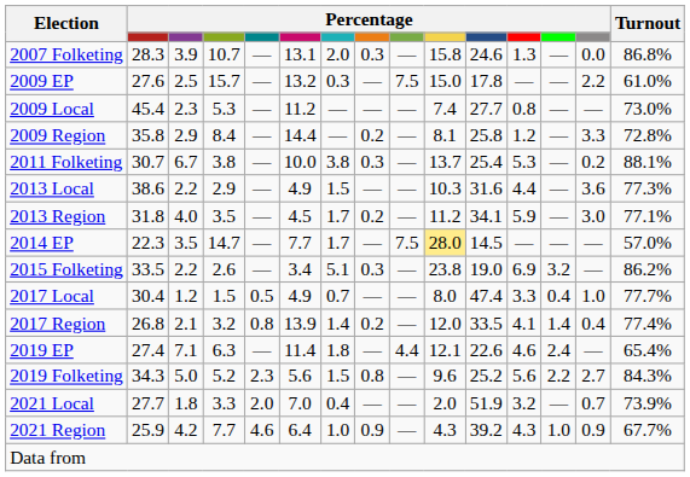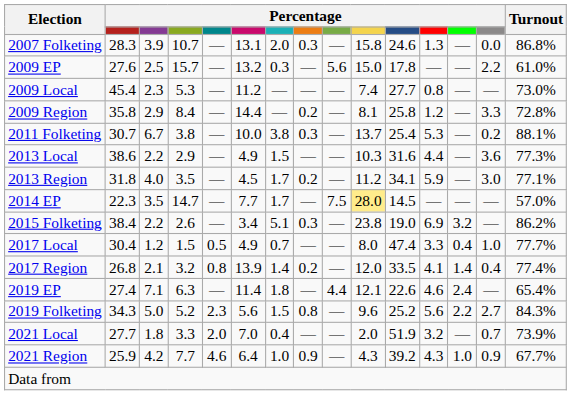 <table class="wikitable" style="text-align:center; font-size:90%; line-height:14px">
 <tr>
 <th rowspan=2>Election</th>
 <th colspan=13>Percentage</th>
 <th rowspan=2>Turnout</th>
 </tr>
 <tr>
 <td style="background:#B5211D; width:20px;"><strong><a href='#'></a></strong></td>
 <td style="background:#843A93; width:20px;"><strong><a href='#'></a></strong></td>
 <td style="background:#89A920; width:20px;"><strong><a href='#'></a></strong></td>
 <td style="background:#00868B; width:20px;"><strong><a href='#'></a></strong></td>
 <td style="background:#C9096C; width:20px;"><strong><a href='#'></a></strong></td>
 <td style="background:#1CB1B7; width:20px;"><strong><a href='#'></a></strong></td>
 <td style="background:#EC7D14; width:20px;"><strong><a href='#'></a></strong></td>
 <td style="background:#78AB46; width:20px;"><strong><a href='#'></a></strong></td>
 <td style="background:#F4D44D; width:20px;"><strong><a href='#'></a></strong></td>
 <td style="background:#254C85; width:20px;"><strong><a href='#'></a></strong></td>
 <td style="background:#FF0000; width:20px;"><strong><a href='#'></a></strong></td>
 <td style="background:#00FF00; width:20px;"><strong><a href='#'></a></strong></td>
 <td style="background:#8B8989; width:20px;"><strong></strong></td>
 </tr>
 <tr>
 <td style="text-align:left"><a href='#'>2007 Folketing</a></td>
 <td>28.3</td>
 <td>3.9</td>
 <td>10.7</td>
 <td>—</td>
 <td>13.1</td>
 <td>2.0</td>
 <td>0.3</td>
 <td>—</td>
 <td>15.8</td>
 <td>24.6</td>
 <td>1.3</td>
 <td>—</td>
 <td>0.0</td>
 <td>86.8%</td>
 </tr>
 <tr>
 <td style="text-align:left"><a href='#'>2009 EP</a></td>
 <td>27.6</td>
 <td>2.5</td>
 <td>15.7</td>
 <td>—</td>
 <td>13.2</td>
 <td>0.3</td>
 <td>—</td>
-<td>7.5</td>
+<td>5.6</td>
 <td>15.0</td>
 <td>17.8</td>
 <td>—</td>
 <td>—</td>
 <td>2.2</td>
 <td>61.0%</td>
 </tr>
 <tr>
 <td style="text-align:left"><a href='#'>2009 Local</a></td>
 <td>45.4</td>
 <td>2.3</td>
 <td>5.3</td>
 <td>—</td>
 <td>11.2</td>
 <td>—</td>
 <td>—</td>
 <td>—</td>
 <td>7.4</td>
 <td>27.7</td>
 <td>0.8</td>
 <td>—</td>
 <td>—</td>
 <td>73.0%</td>
 </tr>
 <tr>
 <td style="text-align:left"><a href='#'>2009 Region</a></td>
 <td>35.8</td>
 <td>2.9</td>
 <td>8.4</td>
 <td>—</td>
 <td>14.4</td>
 <td>—</td>
 <td>0.2</td>
 <td>—</td>
 <td>8.1</td>
 <td>25.8</td>
 <td>1.2</td>
 <td>—</td>
 <td>3.3</td>
 <td>72.8%</td>
 </tr>
 <tr>
 <td style="text-align:left"><a href='#'>2011 Folketing</a></td>
 <td>30.7</td>
 <td>6.7</td>
 <td>3.8</td>
 <td>—</td>
 <td>10.0</td>
 <td>3.8</td>
 <td>0.3</td>
 <td>—</td>
 <td>13.7</td>
 <td>25.4</td>
 <td>5.3</td>
 <td>—</td>
 <td>0.2</td>
 <td>88.1%</td>
 </tr>
 <tr>
 <td style="text-align:left"><a href='#'>2013 Local</a></td>
 <td>38.6</td>
 <td>2.2</td>
 <td>2.9</td>
 <td>—</td>
 <td>4.9</td>
 <td>1.5</td>
 <td>—</td>
 <td>—</td>
 <td>10.3</td>
 <td>31.6</td>
 <td>4.4</td>
 <td>—</td>
 <td>3.6</td>
 <td>77.3%</td>
 </tr>
 <tr>
 <td style="text-align:left"><a href='#'>2013 Region</a></td>
 <td>31.8</td>
 <td>4.0</td>
 <td>3.5</td>
 <td>—</td>
 <td>4.5</td>
 <td>1.7</td>
 <td>0.2</td>
 <td>—</td>
 <td>11.2</td>
 <td>34.1</td>
 <td>5.9</td>
 <td>—</td>
 <td>3.0</td>
 <td>77.1%</td>
 </tr>
 <tr>
 <td style="text-align:left"><a href='#'>2014 EP</a></td>
 <td>22.3</td>
 <td>3.5</td>
 <td>14.7</td>
 <td>—</td>
 <td>7.7</td>
 <td>1.7</td>
 <td>—</td>
 <td>7.5</td>
 <td style="background:#FFEC8B;">28.0</td>
 <td>14.5</td>
 <td>—</td>
 <td>—</td>
 <td>—</td>
 <td>57.0%</td>
 </tr>
 <tr>
 <td style="text-align:left"><a href='#'>2015 Folketing</a></td>
-<td>33.5</td>
+<td>38.4</td>
 <td>2.2</td>
 <td>2.6</td>
 <td>—</td>
 <td>3.4</td>
 <td>5.1</td>
 <td>0.3</td>
 <td>—</td>
 <td>23.8</td>
 <td>19.0</td>
 <td>6.9</td>
 <td>3.2</td>
 <td>—</td>
 <td>86.2%</td>
 </tr>
 <tr>
 <td style="text-align:left"><a href='#'>2017 Local</a></td>
 <td>30.4</td>
 <td>1.2</td>
 <td>1.5</td>
 <td>0.5</td>
 <td>4.9</td>
 <td>0.7</td>
 <td>—</td>
 <td>—</td>
 <td>8.0</td>
 <td>47.4</td>
 <td>3.3</td>
 <td>0.4</td>
 <td>1.0</td>
 <td>77.7%</td>
 </tr>
 <tr>
 <td style="text-align:left"><a href='#'>2017 Region</a></td>
 <td>26.8</td>
 <td>2.1</td>
 <td>3.2</td>
 <td>0.8</td>
 <td>13.9</td>
 <td>1.4</td>
 <td>0.2</td>
 <td>—</td>
 <td>12.0</td>
 <td>33.5</td>
 <td>4.1</td>
 <td>1.4</td>
 <td>0.4</td>
 <td>77.4%</td>
 </tr>
 <tr>
 <td style="text-align:left"><a href='#'>2019 EP</a></td>
 <td>27.4</td>
 <td>7.1</td>
 <td>6.3</td>
 <td>—</td>
 <td>11.4</td>
 <td>1.8</td>
 <td>—</td>
 <td>4.4</td>
 <td>12.1</td>
 <td>22.6</td>
 <td>4.6</td>
 <td>2.4</td>
 <td>—</td>
 <td>65.4%</td>
 </tr>
 <tr>
 <td style="text-align:left"><a href='#'>2019 Folketing</a></td>
 <td>34.3</td>
 <td>5.0</td>
 <td>5.2</td>
 <td>2.3</td>
 <td>5.6</td>
 <td>1.5</td>
 <td>0.8</td>
 <td>—</td>
 <td>9.6</td>
 <td>25.2</td>
 <td>5.6</td>
 <td>2.2</td>
 <td>2.7</td>
 <td>84.3%</td>
 </tr>
 <tr>
 <td style="text-align:left"><a href='#'>2021 Local</a></td>
 <td>27.7</td>
 <td>1.8</td>
 <td>3.3</td>
 <td>2.0</td>
 <td>7.0</td>
 <td>0.4</td>
 <td>—</td>
 <td>—</td>
 <td>2.0</td>
 <td>51.9</td>
 <td>3.2</td>
 <td>—</td>
 <td>0.7</td>
 <td>73.9%</td>
 </tr>
 <tr>
 <td style="text-align:left"><a href='#'>2021 Region</a></td>
 <td>25.9</td>
 <td>4.2</td>
 <td>7.7</td>
 <td>4.6</td>
 <td>6.4</td>
 <td>1.0</td>
 <td>0.9</td>
 <td>—</td>
 <td>4.3</td>
 <td>39.2</td>
 <td>4.3</td>
 <td>1.0</td>
 <td>0.9</td>
 <td>67.7%</td>
 </tr>
 <tr>
 <td colspan=20 style="text-align:left">Data from </td>
 </tr>
 </table>
